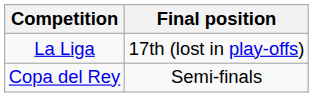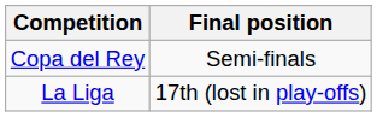 <table class="wikitable" style="font-size:100%; text-align:center">
 <tr>
 <th>Competition</th>
 <th>Final position</th>
 </tr>
 <tr style="background:">
+<td><a href='#'>Copa del Rey</a></td>
+<td>Semi-finals</td>
+</tr>
+<tr style="background:">
 <td><a href='#'>La Liga</a></td>
 <td>17th (lost in <a href='#'>play-offs</a>)</td>
 </tr>
-<tr style="background:">
-<td><a href='#'>Copa del Rey</a></td>
-<td>Semi-finals</td>
-</tr>
 </table>
